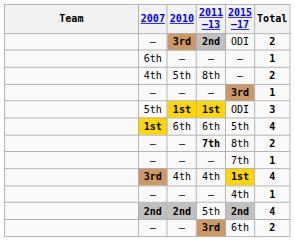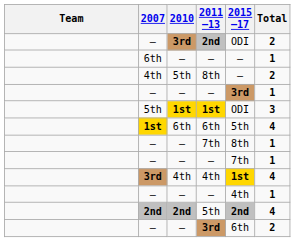 <table class="wikitable" style="text-align:center; font-size:90%">
 <tr>
 <th width=150>Team</th>
 <th><a href='#'>2007</a></th>
 <th><a href='#'>2010</a></th>
 <th><a href='#'>2011<br>–13</a></th>
 <th><a href='#'>2015<br>–17</a></th>
 <th>Total</th>
 </tr>
 <tr>
 <td align=left></td>
 <td>—</td>
 <td bgcolor=#cc9966><strong>3rd</strong></td>
 <td bgcolor=Silver><strong>2nd</strong></td>
 <td>ODI</td>
 <td><strong>2</strong></td>
 </tr>
 <tr>
 <td align=left></td>
 <td>6th</td>
 <td>—</td>
 <td>—</td>
 <td>—</td>
 <td><strong>1</strong></td>
 </tr>
 <tr>
 <td align=left></td>
 <td>4th</td>
 <td>5th</td>
 <td>8th</td>
 <td>—</td>
 <td><strong>2</strong></td>
 </tr>
 <tr>
 <td align=left></td>
 <td>—</td>
 <td>—</td>
 <td>—</td>
 <td bgcolor=#cc9966><strong>3rd</strong></td>
 <td><strong>1</strong></td>
 </tr>
 <tr>
 <td align=left></td>
 <td>5th</td>
 <td bgcolor=Gold><strong>1st</strong></td>
 <td bgcolor=Gold><strong>1st</strong></td>
 <td>ODI</td>
 <td><strong>3</strong></td>
 </tr>
 <tr>
 <td align=left></td>
 <td bgcolor=Gold><strong>1st</strong></td>
 <td>6th</td>
 <td>6th</td>
 <td>5th</td>
 <td><strong>4</strong></td>
 </tr>
 <tr>
 <td align=left></td>
 <td>—</td>
 <td>—</td>
-<td><strong>7th</strong></td>
+<td>7th</td>
 <td>8th</td>
-<td><strong>2</strong></td>
+<td><strong>1</strong></td>
 </tr>
 <tr>
 <td align=left></td>
 <td>—</td>
 <td>—</td>
 <td>—</td>
 <td>7th</td>
 <td><strong>1</strong></td>
 </tr>
 <tr>
 <td align=left></td>
 <td bgcolor=#cc9966><strong>3rd</strong></td>
 <td>4th</td>
 <td>4th</td>
 <td bgcolor=Gold><strong>1st</strong></td>
 <td><strong>4</strong></td>
 </tr>
 <tr>
 <td align=left></td>
 <td>—</td>
 <td>—</td>
 <td>—</td>
 <td>4th</td>
 <td><strong>1</strong></td>
 </tr>
 <tr>
 <td align=left></td>
 <td bgcolor=Silver><strong>2nd</strong></td>
 <td bgcolor=Silver><strong>2nd</strong></td>
 <td>5th</td>
 <td bgcolor=Silver><strong>2nd</strong></td>
 <td><strong>4</strong></td>
 </tr>
 <tr>
 <td align=left></td>
 <td>—</td>
 <td>—</td>
 <td bgcolor=#cc9966><strong>3rd</strong></td>
 <td>6th</td>
 <td><strong>2</strong></td>
 </tr>
 </table>
